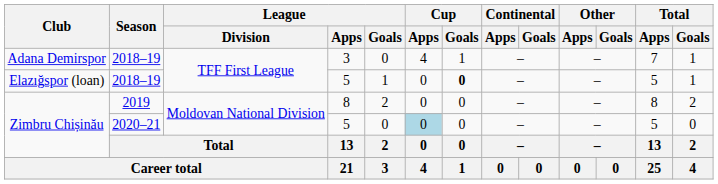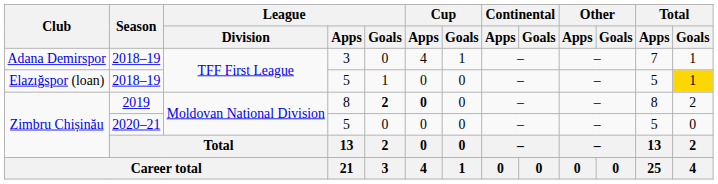 <table class="wikitable" style="text-align: center">
 <tr>
 <th rowspan="2">Club</th>
 <th rowspan="2">Season</th>
 <th colspan="3">League</th>
 <th colspan="2">Cup</th>
 <th colspan="2">Continental</th>
 <th colspan="2">Other</th>
 <th colspan="2">Total</th>
 </tr>
 <tr>
 <th>Division</th>
 <th>Apps</th>
 <th>Goals</th>
 <th>Apps</th>
 <th>Goals</th>
 <th>Apps</th>
 <th>Goals</th>
 <th>Apps</th>
 <th>Goals</th>
 <th>Apps</th>
 <th>Goals</th>
 </tr>
 <tr>
 <td><a href='#'>Adana Demirspor</a></td>
 <td><a href='#'>2018–19</a></td>
 <td rowspan="2"><a href='#'>TFF First League</a></td>
 <td>3</td>
 <td>0</td>
 <td>4</td>
 <td>1</td>
 <td colspan="2">–</td>
 <td colspan="2">–</td>
 <td>7</td>
 <td>1</td>
 </tr>
 <tr>
 <td><a href='#'>Elazığspor</a> (loan)</td>
 <td><a href='#'>2018–19</a></td>
 <td>5</td>
 <td>1</td>
 <td>0</td>
-<td><strong>0</strong></td>
+<td>0</td>
 <td colspan="2">–</td>
 <td colspan="2">–</td>
 <td>5</td>
-<td>1</td>
+<td style="background: gold;">1</td>
 </tr>
 <tr>
 <td rowspan="3"><a href='#'>Zimbru Chișinău</a></td>
 <td><a href='#'>2019</a></td>
 <td rowspan="2"><a href='#'>Moldovan National Division</a></td>
 <td>8</td>
-<td>2</td>
-<td>0</td>
+<td><strong>2</strong></td>
+<td><strong>0</strong></td>
 <td>0</td>
 <td colspan="2">–</td>
 <td colspan="2">–</td>
 <td>8</td>
 <td>2</td>
 </tr>
 <tr>
 <td><a href='#'>2020–21</a></td>
 <td>5</td>
 <td>0</td>
-<td style="background: lightblue;">0</td>
+<td>0</td>
 <td>0</td>
 <td colspan="2">–</td>
 <td colspan="2">–</td>
 <td>5</td>
 <td>0</td>
 </tr>
 <tr>
 <th colspan="2">Total</th>
 <th>13</th>
 <th>2</th>
 <th>0</th>
 <th>0</th>
 <th colspan="2">–</th>
 <th colspan="2">–</th>
 <th>13</th>
 <th>2</th>
 </tr>
 <tr>
 <th colspan="3">Career total</th>
 <th>21</th>
 <th>3</th>
 <th>4</th>
 <th>1</th>
 <th>0</th>
 <th>0</th>
 <th>0</th>
 <th>0</th>
 <th>25</th>
 <th>4</th>
 </tr>
 </table>
